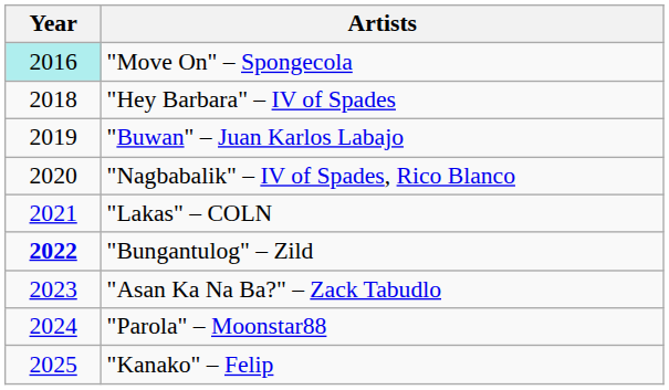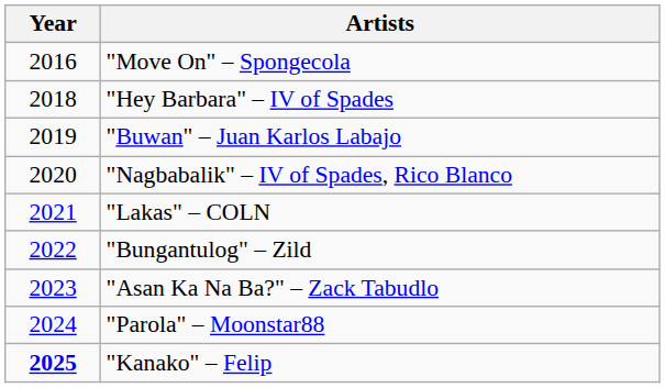 <table class="wikitable sortable"  style="width:50%;">
 <tr>
 <th width=5%  scope="col">Year</th>
 <th ! width=40%  scope="col">Artists</th>
 </tr>
 <tr>
-<td align="center" style="background: paleturquoise;">2016</td>
+<td align="center">2016</td>
 <td>"Move On" – <a href='#'>Spongecola</a></td>
 </tr>
 <tr>
 <td align="center">2018</td>
 <td>"Hey Barbara" – <a href='#'>IV of Spades</a></td>
 </tr>
 <tr>
 <td align="center">2019</td>
 <td>"<a href='#'>Buwan</a>" – <a href='#'>Juan Karlos Labajo</a></td>
 </tr>
 <tr>
 <td align="center">2020</td>
 <td>"Nagbabalik" – <a href='#'>IV of Spades</a>, <a href='#'>Rico Blanco</a></td>
 </tr>
 <tr>
 <td align="center"><a href='#'>2021</a></td>
 <td>"Lakas" – COLN</td>
 </tr>
 <tr>
-<td align="center"><strong><a href='#'>2022</a></strong></td>
+<td align="center"><a href='#'>2022</a></td>
 <td>"Bungantulog" – Zild</td>
 </tr>
 <tr>
 <td align="center"><a href='#'>2023</a></td>
 <td>"Asan Ka Na Ba?" – <a href='#'>Zack Tabudlo</a></td>
 </tr>
 <tr>
 <td align="center"><a href='#'>2024</a></td>
 <td>"Parola" – <a href='#'>Moonstar88</a></td>
 </tr>
 <tr>
-<td align="center"><a href='#'>2025</a></td>
+<td align="center"><strong><a href='#'>2025</a></strong></td>
 <td>"Kanako" – <a href='#'>Felip</a></td>
 </tr>
 </table>
